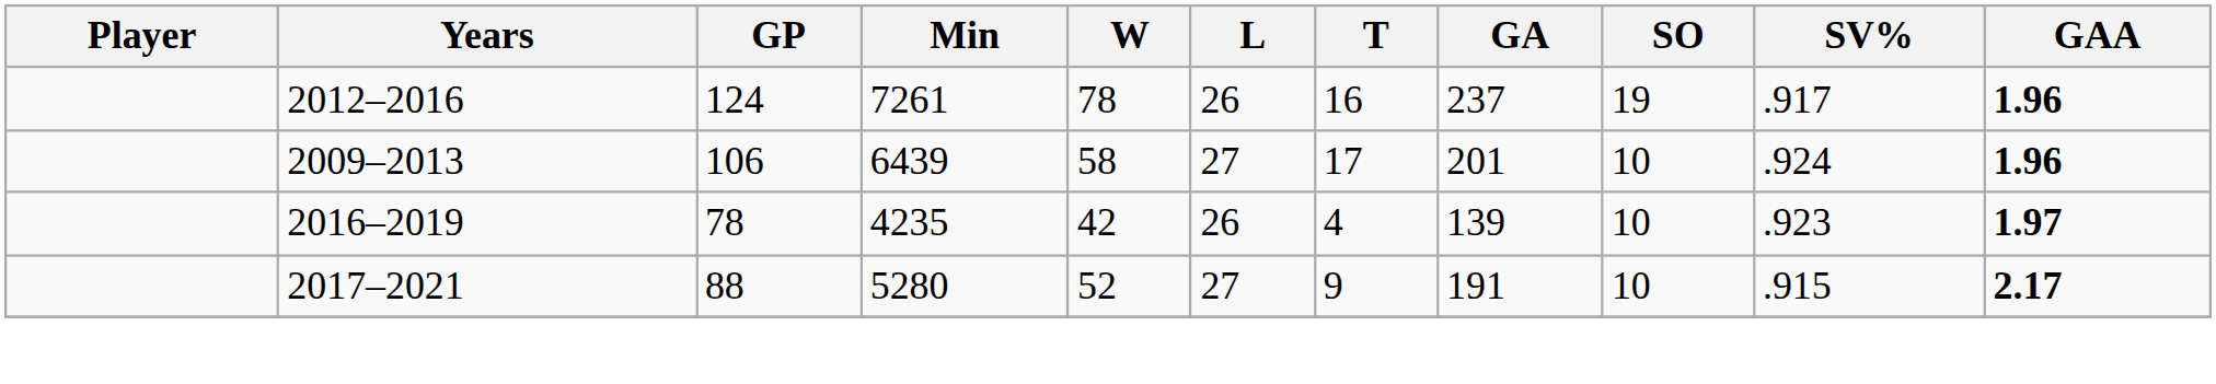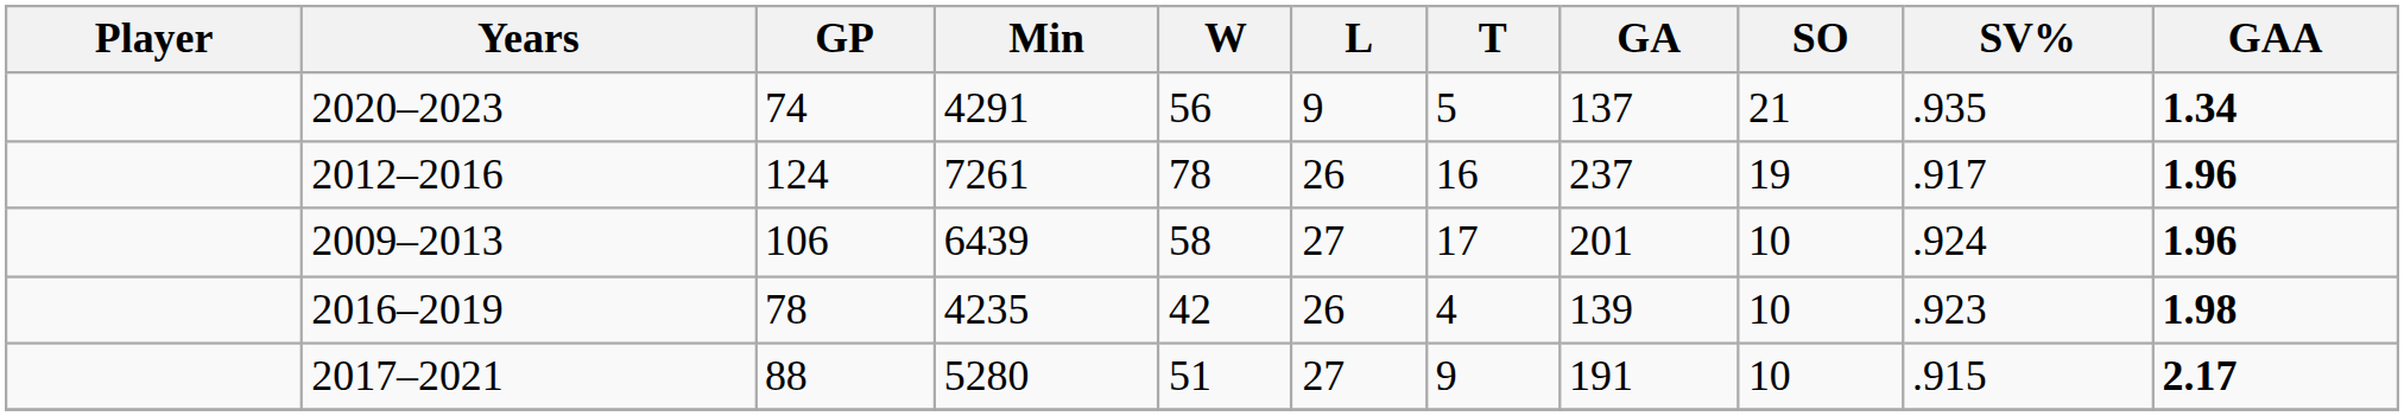 <table class="wikitable sortable" width = 900>
 <tr>
 <th>Player</th>
 <th>Years</th>
 <th>GP</th>
 <th>Min</th>
 <th>W</th>
 <th>L</th>
 <th>T</th>
 <th>GA</th>
 <th>SO</th>
 <th>SV%</th>
 <th>GAA</th>
+</tr>
+<tr>
+<td></td>
+<td>2020–2023</td>
+<td>74</td>
+<td>4291</td>
+<td>56</td>
+<td>9</td>
+<td>5</td>
+<td>137</td>
+<td>21</td>
+<td>.935</td>
+<td><strong>1.34</strong></td>
 </tr>
 <tr>
 <td></td>
 <td>2012–2016</td>
 <td>124</td>
 <td>7261</td>
 <td>78</td>
 <td>26</td>
 <td>16</td>
 <td>237</td>
 <td>19</td>
 <td>.917</td>
 <td><strong>1.96</strong></td>
 </tr>
 <tr>
 <td></td>
 <td>2009–2013</td>
 <td>106</td>
 <td>6439</td>
 <td>58</td>
 <td>27</td>
 <td>17</td>
 <td>201</td>
 <td>10</td>
 <td>.924</td>
 <td><strong>1.96</strong></td>
 </tr>
 <tr>
 <td></td>
 <td>2016–2019</td>
 <td>78</td>
 <td>4235</td>
 <td>42</td>
 <td>26</td>
 <td>4</td>
 <td>139</td>
 <td>10</td>
 <td>.923</td>
-<td><strong>1.97</strong></td>
+<td><strong>1.98</strong></td>
 </tr>
 <tr>
 <td></td>
 <td>2017–2021</td>
 <td>88</td>
 <td>5280</td>
-<td>52</td>
+<td>51</td>
 <td>27</td>
 <td>9</td>
 <td>191</td>
 <td>10</td>
 <td>.915</td>
 <td><strong>2.17</strong></td>
 </tr>
 <tr>
 </tr>
 </table>
